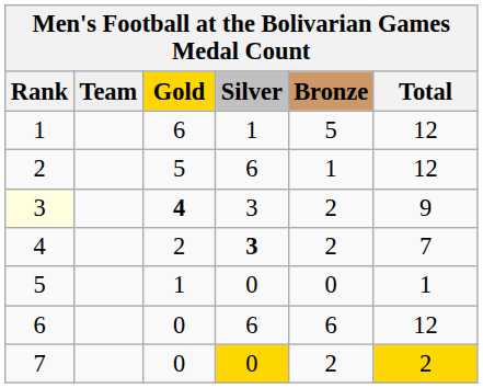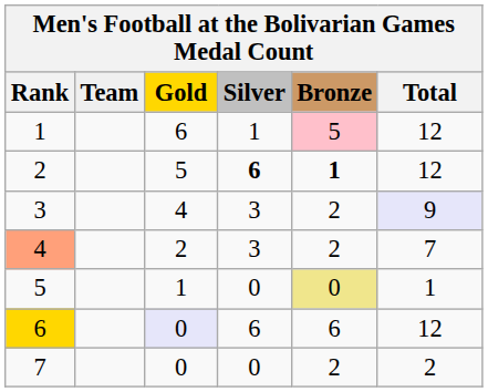 <table class="wikitable" border="2" style="text-align:center">
 <tr>
 <th colspan=6>Men's Football at the Bolivarian Games <br>Medal Count</th>
 </tr>
 <tr bgcolor="#efefef">
 <th>Rank</th>
 <td><strong>Team</strong></td>
 <td bgcolor="gold" align=center width=40><strong>Gold</strong></td>
 <td bgcolor="silver" align=center width=40><strong>Silver</strong></td>
 <td bgcolor="CC9966" align=center width=40><strong>Bronze</strong></td>
 <th width=60>Total</th>
 </tr>
 <tr>
 <td>1</td>
 <td align=left></td>
 <td>6</td>
 <td>1</td>
-<td>5</td>
+<td style="background: pink;">5</td>
 <td>12</td>
 </tr>
 <tr>
 <td>2</td>
 <td align=left></td>
 <td>5</td>
-<td>6</td>
-<td>1</td>
+<td><strong>6</strong></td>
+<td><strong>1</strong></td>
 <td>12</td>
 </tr>
 <tr>
-<td style="background: lightyellow;">3</td>
+<td>3</td>
 <td align=left></td>
-<td><strong>4</strong></td>
+<td>4</td>
 <td>3</td>
 <td>2</td>
-<td>9</td>
+<td style="background: lavender;">9</td>
 </tr>
 <tr>
-<td>4</td>
+<td style="background: lightsalmon;">4</td>
 <td align=left></td>
 <td>2</td>
-<td><strong>3</strong></td>
+<td>3</td>
 <td>2</td>
 <td>7</td>
 </tr>
 <tr>
 <td>5</td>
 <td align=left></td>
 <td>1</td>
 <td>0</td>
-<td>0</td>
+<td style="background: khaki;">0</td>
 <td>1</td>
 </tr>
 <tr>
-<td>6</td>
+<td style="background: gold;">6</td>
 <td align=left></td>
-<td>0</td>
+<td style="background: lavender;">0</td>
 <td>6</td>
 <td>6</td>
 <td>12</td>
 </tr>
 <tr>
 <td>7</td>
 <td align=left></td>
 <td>0</td>
-<td style="background: gold;">0</td>
+<td>0</td>
 <td>2</td>
-<td style="background: gold;">2</td>
+<td>2</td>
 </tr>
 </table>
